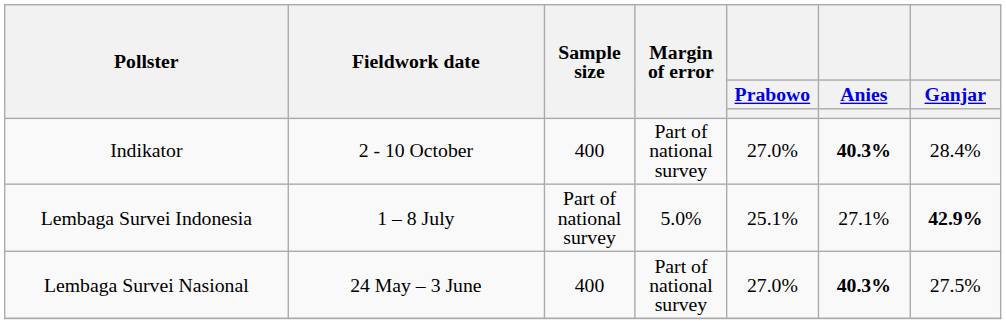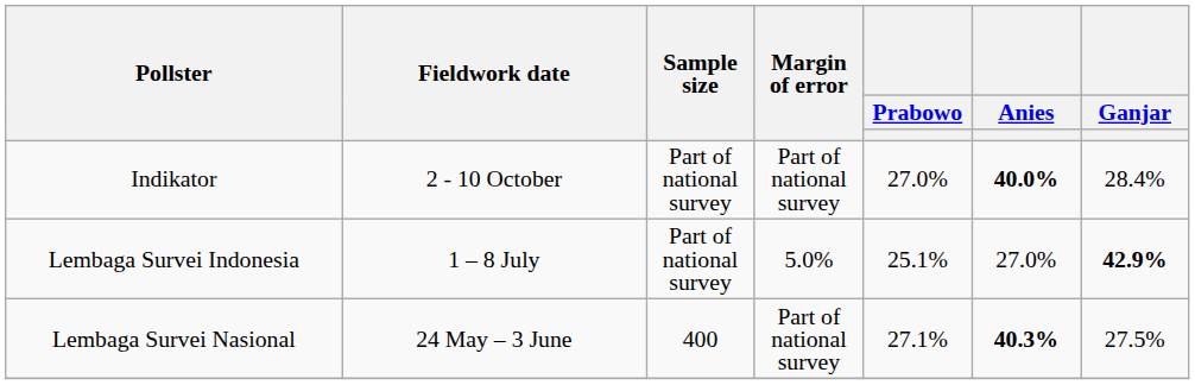 <table class="wikitable" style="text-align:center; font-size:90%; line-height:14px;">
 <tr style="height:55px; background-color:#E9E9E9">
 <th rowspan="3" style="width:200px;">Pollster</th>
 <th rowspan="3" style="width:180px;">Fieldwork date</th>
 <th rowspan="3" style="width:60px;">Sample size</th>
 <th rowspan="3" style="width:60px;">Margin of error</th>
 <th style="width:60px;"></th>
 <th style="width:60px;"></th>
 <th style="width:60px;"></th>
 </tr>
 <tr>
 <th><a href='#'>Prabowo</a> <br></th>
 <th><a href='#'>Anies</a> <br></th>
 <th><a href='#'>Ganjar</a> <br></th>
 </tr>
 <tr>
 <th class="unsortable" style="color:inherit;background:"></th>
 <th class="unsortable" style="color:inherit;background:"></th>
 <th class="unsortable" style="color:inherit;background:"></th>
 </tr>
 <tr>
 <td>Indikator</td>
 <td>2 - 10 October</td>
-<td>400</td>
+<td>Part of national survey</td>
 <td>Part of national survey</td>
 <td>27.0% </td>
-<td style="background-color:#"><strong>40.3%</strong> </td>
+<td style="background-color:#"><strong>40.0%</strong> </td>
 <td>28.4% </td>
 </tr>
 <tr>
 <td>Lembaga Survei Indonesia</td>
 <td>1 – 8 July</td>
 <td>Part of national survey</td>
 <td>5.0%</td>
 <td>25.1%</td>
-<td>27.1%</td>
+<td>27.0%</td>
 <td style="background-color:#"><strong>42.9%</strong></td>
 </tr>
 <tr>
 <td>Lembaga Survei Nasional</td>
 <td>24 May – 3 June</td>
 <td>400</td>
 <td>Part of national survey</td>
-<td>27.0% </td>
+<td>27.1% </td>
 <td style="background-color:#"><strong>40.3%</strong> </td>
 <td>27.5% </td>
 </tr>
 <tr>
 </tr>
 </table>
